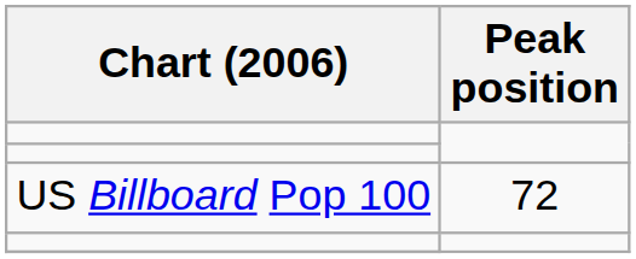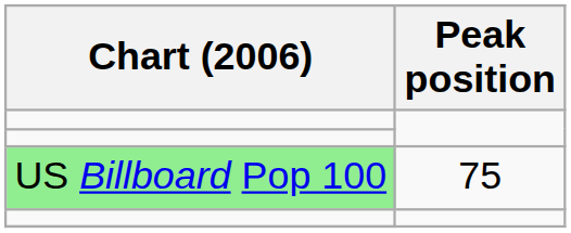 <table class="wikitable sortable">
 <tr>
 <th align="left">Chart (2006)</th>
 <th align="center">Peak<br>position</th>
 </tr>
 <tr>
 <td></td>
 </tr>
 <tr>
 <td></td>
 </tr>
 <tr>
-<td align="left">US <em><a href='#'>Billboard</a></em> <a href='#'>Pop 100</a></td>
-<td align="center">72</td>
+<td align="left" style="background: lightgreen;">US <em><a href='#'>Billboard</a></em> <a href='#'>Pop 100</a></td>
+<td align="center">75</td>
 </tr>
 <tr>
 <td></td>
 </tr>
 <tr>
 </tr>
 </table>
